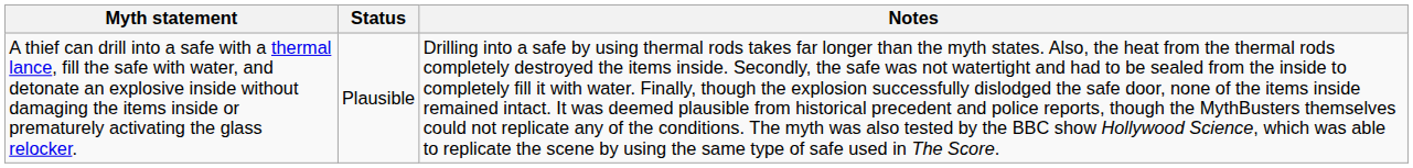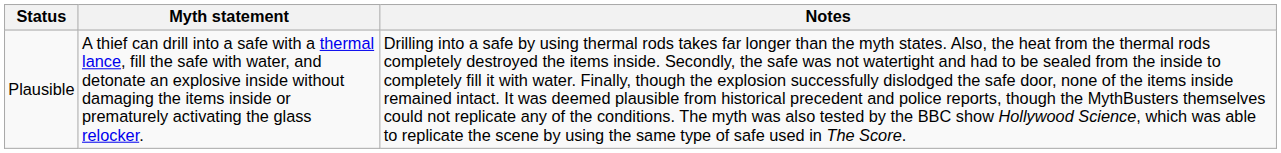 <table class="wikitable plainrowheaders">
 <tr>
+<th>Status</th>
 <th>Myth statement</th>
-<th>Status</th>
 <th>Notes</th>
 </tr>
 <tr>
+<td><span>Plausible</span></td>
 <td>A thief can drill into a safe with a <a href='#'>thermal lance</a>, fill the safe with water, and detonate an explosive inside without damaging the items inside or prematurely activating the glass <a href='#'>relocker</a>.</td>
-<td><span>Plausible</span></td>
 <td>Drilling into a safe by using thermal rods takes far longer than the myth states. Also, the heat from the thermal rods completely destroyed the items inside. Secondly, the safe was not watertight and had to be sealed from the inside to completely fill it with water. Finally, though the explosion successfully dislodged the safe door, none of the items inside remained intact. It was deemed plausible from historical precedent and police reports, though the MythBusters themselves could not replicate any of the conditions. The myth was also tested by the BBC show <em>Hollywood Science</em>, which was able to replicate the scene by using the same type of safe used in <em>The Score</em>.</td>
 </tr>
 </table>
